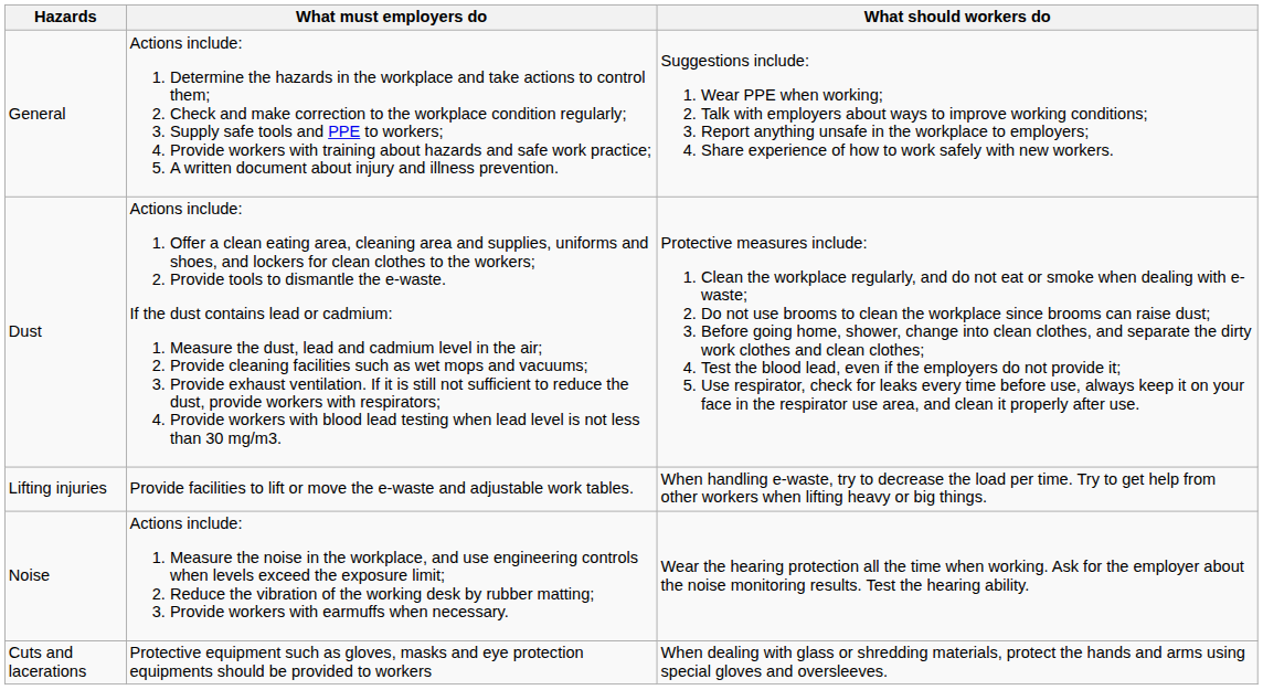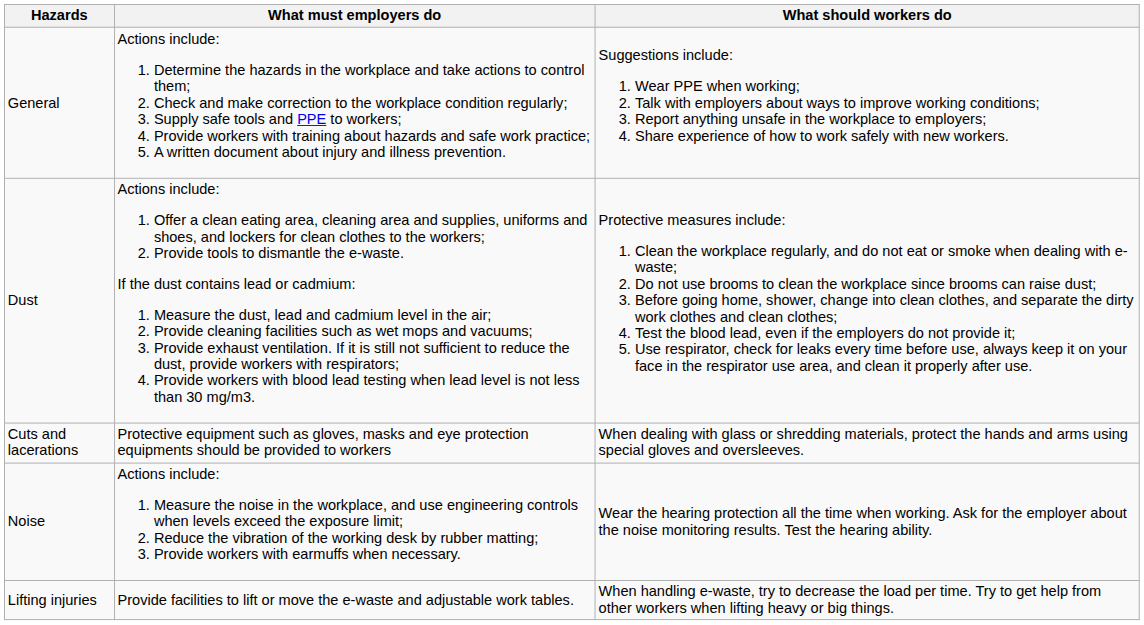 <table class="wikitable">
 <tr>
 <th>Hazards</th>
 <th>What must employers do</th>
 <th>What should workers do</th>
 </tr>
 <tr>
 <td>General</td>
 <td>Actions include:<br><ol><li>Determine the hazards in the workplace and take actions to control them;</li><li>Check and make correction to the workplace condition regularly;</li><li>Supply safe tools and <a href='#'>PPE</a> to workers;</li><li>Provide workers with training about hazards and safe work practice;</li><li>A written document about injury and illness prevention.</li></ol></td>
 <td>Suggestions include:<br><ol><li>Wear PPE when working;</li><li>Talk with employers about ways to improve working conditions;</li><li>Report anything unsafe in the workplace to employers;</li><li>Share experience of how to work safely with new workers.</li></ol></td>
 </tr>
 <tr>
 <td>Dust</td>
 <td>Actions include:<br><ol><li>Offer a clean eating area, cleaning area and supplies, uniforms and shoes, and lockers for clean clothes to the workers;</li><li>Provide tools to dismantle the e-waste.</li></ol>If the dust contains lead or cadmium:<ol><li>Measure the dust, lead and cadmium level in the air;</li><li>Provide cleaning facilities such as wet mops and vacuums;</li><li>Provide exhaust ventilation. If it is still not sufficient to reduce the dust, provide workers with respirators;</li><li>Provide workers with blood lead testing when lead level is not less than 30 mg/m3.</li></ol></td>
 <td>Protective measures include:<br><ol><li>Clean the workplace regularly, and do not eat or smoke when dealing with e-waste;</li><li>Do not use brooms to clean the workplace since brooms can raise dust;</li><li>Before going home, shower, change into clean clothes, and separate the dirty work clothes and clean clothes;</li><li>Test the blood lead, even if the employers do not provide it;</li><li>Use respirator, check for leaks every time before use, always keep it on your face in the respirator use area, and clean it properly after use.</li></ol></td>
 </tr>
 <tr>
-<td>Lifting injuries</td>
-<td>Provide facilities to lift or move the e-waste and adjustable work tables.</td>
-<td>When handling e-waste, try to decrease the load per time. Try to get help from other workers when lifting heavy or big things.</td>
+<td>Cuts and lacerations</td>
+<td>Protective equipment such as gloves, masks and eye protection equipments should be provided to workers</td>
+<td>When dealing with glass or shredding materials, protect the hands and arms using special gloves and oversleeves.</td>
 </tr>
 <tr>
 <td>Noise</td>
 <td>Actions include:<br><ol><li>Measure the noise in the workplace, and use engineering controls when levels exceed the exposure limit;</li><li>Reduce the vibration of the working desk by rubber matting;</li><li>Provide workers with earmuffs when necessary.</li></ol></td>
 <td>Wear the hearing protection all the time when working. Ask for the employer about the noise monitoring results. Test the hearing ability.</td>
 </tr>
 <tr>
-<td>Cuts and lacerations</td>
-<td>Protective equipment such as gloves, masks and eye protection equipments should be provided to workers</td>
-<td>When dealing with glass or shredding materials, protect the hands and arms using special gloves and oversleeves.</td>
+<td>Lifting injuries</td>
+<td>Provide facilities to lift or move the e-waste and adjustable work tables.</td>
+<td>When handling e-waste, try to decrease the load per time. Try to get help from other workers when lifting heavy or big things.</td>
 </tr>
 </table>
